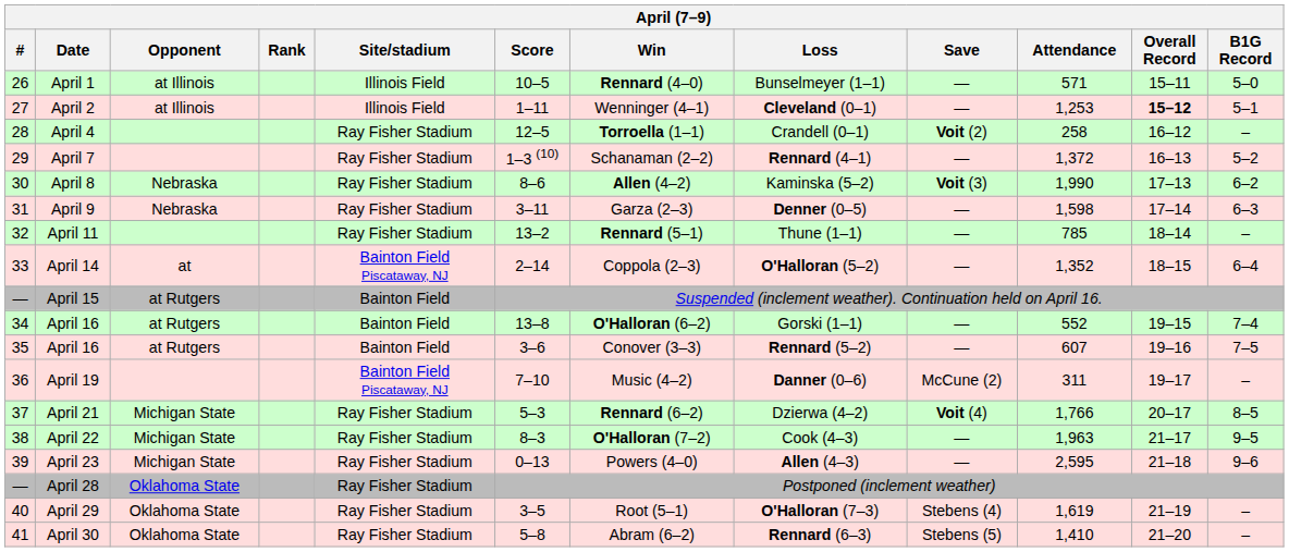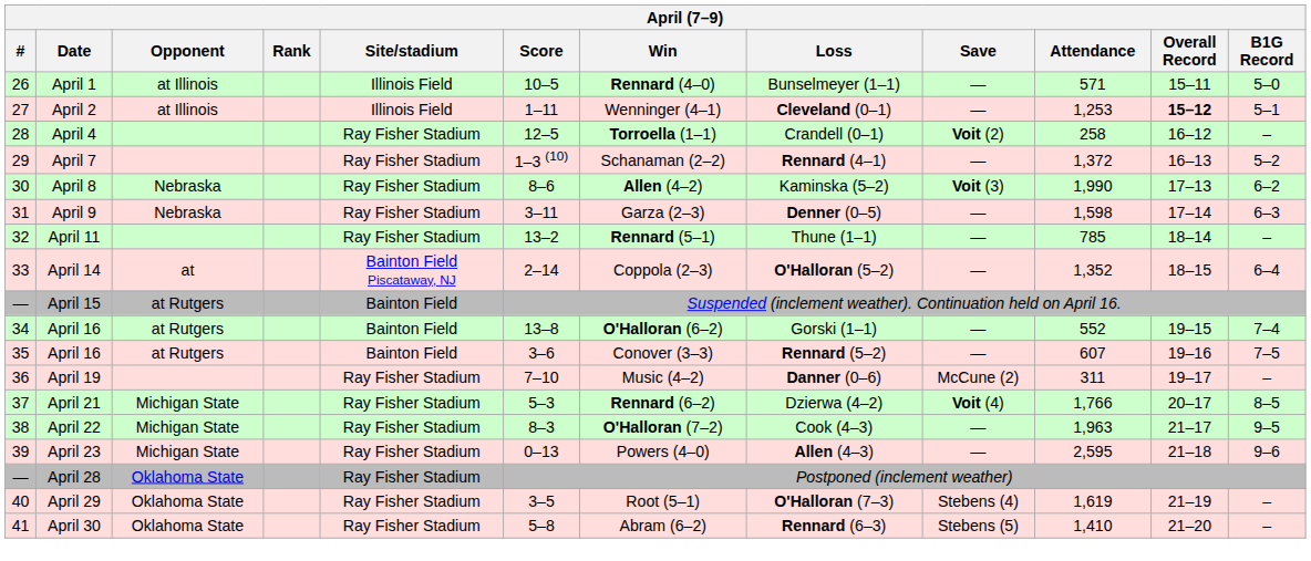 <table class="wikitable collapsible collapsed" style="margin:auto; width:100%; text-align:center; font-size:95%">
 <tr>
 <th colspan=12 style="padding-left:4em;">April (7–9)</th>
 </tr>
 <tr>
 <th>#</th>
 <th>Date</th>
 <th>Opponent</th>
 <th>Rank</th>
 <th>Site/stadium</th>
 <th>Score</th>
 <th>Win</th>
 <th>Loss</th>
 <th>Save</th>
 <th>Attendance</th>
 <th>Overall<br>Record</th>
 <th>B1G<br>Record</th>
 </tr>
 <tr align="center" bgcolor="#ccffcc">
 <td>26</td>
 <td>April 1</td>
 <td>at Illinois</td>
 <td></td>
 <td>Illinois Field</td>
 <td>10–5</td>
 <td><strong>Rennard</strong> (4–0)</td>
 <td>Bunselmeyer (1–1)</td>
 <td>—</td>
 <td>571</td>
 <td>15–11</td>
 <td>5–0</td>
 </tr>
 <tr align="center" bgcolor="#ffdddd">
 <td>27</td>
 <td>April 2</td>
 <td>at Illinois</td>
 <td></td>
 <td>Illinois Field</td>
 <td>1–11</td>
 <td>Wenninger (4–1)</td>
 <td><strong>Cleveland</strong> (0–1)</td>
 <td>—</td>
 <td>1,253</td>
 <td><strong>15–12</strong></td>
 <td>5–1</td>
 </tr>
 <tr align="center" bgcolor="#ccffcc">
 <td>28</td>
 <td>April 4</td>
 <td></td>
 <td></td>
 <td>Ray Fisher Stadium</td>
 <td>12–5</td>
 <td><strong>Torroella</strong> (1–1)</td>
 <td>Crandell (0–1)</td>
 <td><strong>Voit</strong> (2)</td>
 <td>258</td>
 <td>16–12</td>
 <td>–</td>
 </tr>
 <tr align="center" bgcolor="#ffdddd">
 <td>29</td>
 <td>April 7</td>
 <td></td>
 <td></td>
 <td>Ray Fisher Stadium</td>
 <td>1–3 <sup>(10)</sup></td>
 <td>Schanaman (2–2)</td>
 <td><strong>Rennard</strong> (4–1)</td>
 <td>—</td>
 <td>1,372</td>
 <td>16–13</td>
 <td>5–2</td>
 </tr>
 <tr align="center" bgcolor="#ccffcc">
 <td>30</td>
 <td>April 8</td>
 <td>Nebraska</td>
 <td></td>
 <td>Ray Fisher Stadium</td>
 <td>8–6</td>
 <td><strong>Allen</strong> (4–2)</td>
 <td>Kaminska (5–2)</td>
 <td><strong>Voit</strong> (3)</td>
 <td>1,990</td>
 <td>17–13</td>
 <td>6–2</td>
 </tr>
 <tr align="center" bgcolor="#ffdddd">
 <td>31</td>
 <td>April 9</td>
 <td>Nebraska</td>
 <td></td>
 <td>Ray Fisher Stadium</td>
 <td>3–11</td>
 <td>Garza (2–3)</td>
 <td><strong>Denner</strong> (0–5)</td>
 <td>—</td>
 <td>1,598</td>
 <td>17–14</td>
 <td>6–3</td>
 </tr>
 <tr align="center" bgcolor="#ccffcc">
 <td>32</td>
 <td>April 11</td>
 <td></td>
 <td></td>
 <td>Ray Fisher Stadium</td>
 <td>13–2</td>
 <td><strong>Rennard</strong> (5–1)</td>
 <td>Thune (1–1)</td>
 <td>—</td>
 <td>785</td>
 <td>18–14</td>
 <td>–</td>
 </tr>
 <tr align="center" bgcolor="#ffdddd">
 <td>33</td>
 <td>April 14</td>
 <td>at </td>
 <td></td>
 <td><a href='#'>Bainton Field</a><br><small><a href='#'>Piscataway, NJ</a></small></td>
 <td>2–14</td>
 <td>Coppola (2–3)</td>
 <td><strong>O'Halloran</strong> (5–2)</td>
 <td>—</td>
 <td>1,352</td>
 <td>18–15</td>
 <td>6–4</td>
 </tr>
 <tr bgcolor="bbbbbb">
 <td>—</td>
 <td>April 15</td>
 <td>at Rutgers</td>
 <td></td>
 <td>Bainton Field</td>
 <td colspan="9"><em><a href='#'>Suspended</a> (inclement weather). Continuation held on April 16.</em></td>
 </tr>
 <tr align="center" bgcolor="#ccffcc">
 <td>34</td>
 <td>April 16</td>
 <td>at Rutgers</td>
 <td></td>
 <td>Bainton Field</td>
 <td>13–8</td>
 <td><strong>O'Halloran</strong> (6–2)</td>
 <td>Gorski (1–1)</td>
 <td>—</td>
 <td>552</td>
 <td>19–15</td>
 <td>7–4</td>
 </tr>
 <tr align="center" bgcolor="#ffdddd">
 <td>35</td>
 <td>April 16</td>
 <td>at Rutgers</td>
 <td></td>
 <td>Bainton Field</td>
 <td>3–6</td>
 <td>Conover (3–3)</td>
 <td><strong>Rennard</strong> (5–2)</td>
 <td>—</td>
 <td>607</td>
 <td>19–16</td>
 <td>7–5</td>
 </tr>
 <tr align="center" bgcolor="#ffdddd">
 <td>36</td>
 <td>April 19</td>
 <td></td>
 <td></td>
-<td><a href='#'>Bainton Field</a><br><small><a href='#'>Piscataway, NJ</a></small></td>
+<td>Ray Fisher Stadium</td>
 <td>7–10</td>
 <td>Music (4–2)</td>
 <td><strong>Danner</strong> (0–6)</td>
 <td>McCune (2)</td>
 <td>311</td>
 <td>19–17</td>
 <td>–</td>
 </tr>
 <tr align="center" bgcolor="#ccffcc">
 <td>37</td>
 <td>April 21</td>
 <td>Michigan State</td>
 <td></td>
 <td>Ray Fisher Stadium</td>
 <td>5–3</td>
 <td><strong>Rennard</strong> (6–2)</td>
 <td>Dzierwa (4–2)</td>
 <td><strong>Voit</strong> (4)</td>
 <td>1,766</td>
 <td>20–17</td>
 <td>8–5</td>
 </tr>
 <tr align="center" bgcolor="#ccffcc">
 <td>38</td>
 <td>April 22</td>
 <td>Michigan State</td>
 <td></td>
 <td>Ray Fisher Stadium</td>
 <td>8–3</td>
 <td><strong>O'Halloran</strong> (7–2)</td>
 <td>Cook (4–3)</td>
 <td>—</td>
 <td>1,963</td>
 <td>21–17</td>
 <td>9–5</td>
 </tr>
 <tr align="center" bgcolor="#ffdddd">
 <td>39</td>
 <td>April 23</td>
 <td>Michigan State</td>
 <td></td>
 <td>Ray Fisher Stadium</td>
 <td>0–13</td>
 <td>Powers (4–0)</td>
 <td><strong>Allen</strong> (4–3)</td>
 <td>—</td>
 <td>2,595</td>
 <td>21–18</td>
 <td>9–6</td>
 </tr>
 <tr align="center" bgcolor="#bbbbbb">
 <td>—</td>
 <td>April 28</td>
 <td><a href='#'>Oklahoma State</a></td>
 <td></td>
 <td>Ray Fisher Stadium</td>
 <td colspan=9><em>Postponed (inclement weather)</em></td>
 </tr>
 <tr align="center" bgcolor="#ffdddd">
 <td>40</td>
 <td>April 29</td>
 <td>Oklahoma State</td>
 <td></td>
 <td>Ray Fisher Stadium</td>
 <td>3–5</td>
 <td>Root (5–1)</td>
 <td><strong>O'Halloran</strong> (7–3)</td>
 <td>Stebens (4)</td>
 <td>1,619</td>
 <td>21–19</td>
 <td>–</td>
 </tr>
 <tr align="center" bgcolor="#ffdddd">
 <td>41</td>
 <td>April 30</td>
 <td>Oklahoma State</td>
 <td></td>
 <td>Ray Fisher Stadium</td>
 <td>5–8</td>
 <td>Abram (6–2)</td>
 <td><strong>Rennard</strong> (6–3)</td>
 <td>Stebens (5)</td>
 <td>1,410</td>
 <td>21–20</td>
 <td>–</td>
 </tr>
 </table>
